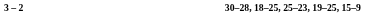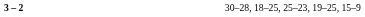 <table width=100% cellspacing=1>
 <tr>
 <th width=20%></th>
 <th width=12%></th>
 <th width=20%></th>
 <th width=33%></th>
 <td></td>
 </tr>
 <tr style=font-size:95%>
 <td align=right><strong></strong></td>
 <td align=center><strong>3 – 2</strong></td>
 <td></td>
-<td><strong>30–28, 18–25, 25–23, 19–25, 15–9</strong></td>
+<td>30–28, 18–25, 25–23, 19–25, 15–9</td>
 </tr>
 </table>
